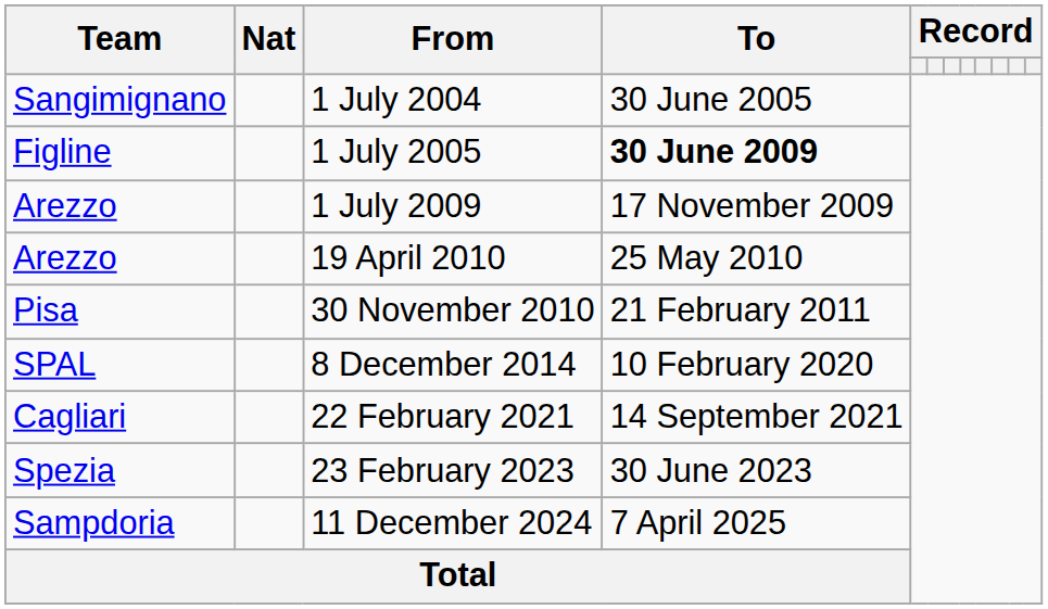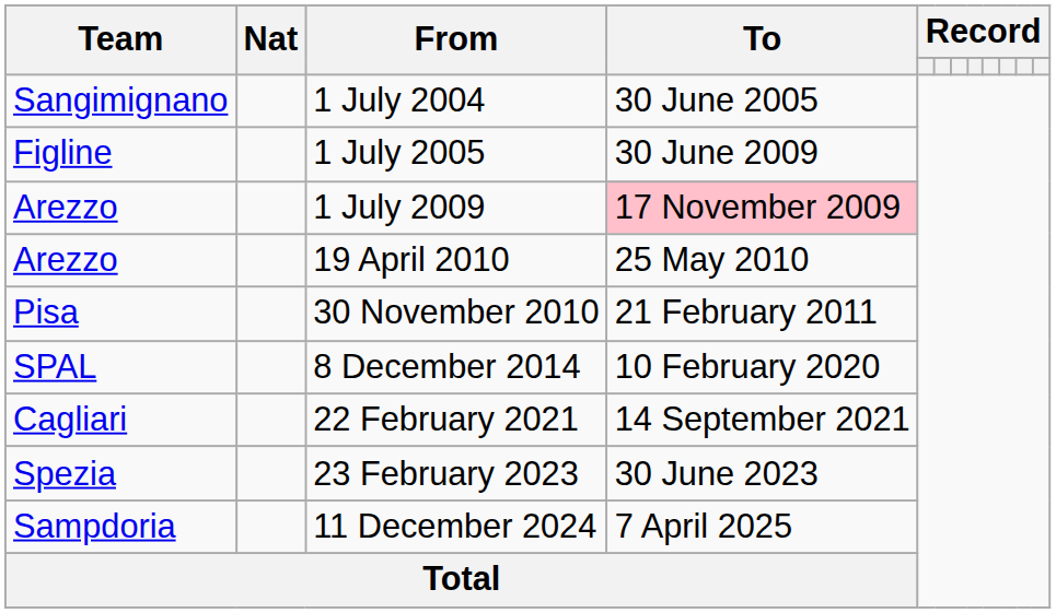 <table class="wikitable" style="text-align: center">
 <tr>
 <th rowspan="2">Team</th>
 <th rowspan="2">Nat</th>
 <th rowspan="2">From</th>
 <th rowspan="2">To</th>
 <th colspan="8">Record</th>
 </tr>
 <tr>
 <th></th>
 <th></th>
 <th></th>
 <th></th>
 <th></th>
 <th></th>
 <th></th>
 <th></th>
 </tr>
 <tr>
 <td align=left><a href='#'>Sangimignano</a></td>
 <td></td>
 <td align=left>1 July 2004</td>
 <td align=left>30 June 2005<br></td>
 </tr>
 <tr>
 <td align=left><a href='#'>Figline</a></td>
 <td></td>
 <td align=left>1 July 2005</td>
-<td align=left><strong>30 June 2009<br></strong></td>
+<td align=left>30 June 2009<br></td>
 </tr>
 <tr>
 <td align=left><a href='#'>Arezzo</a></td>
 <td></td>
 <td align=left>1 July 2009</td>
-<td align=left>17 November 2009<br></td>
+<td align=left style="background: pink;">17 November 2009<br></td>
 </tr>
 <tr>
 <td align=left><a href='#'>Arezzo</a></td>
 <td></td>
 <td align=left>19 April 2010</td>
 <td align=left>25 May 2010<br></td>
 </tr>
 <tr>
 <td align=left><a href='#'>Pisa</a></td>
 <td></td>
 <td align=left>30 November 2010</td>
 <td align=left>21 February 2011<br></td>
 </tr>
 <tr>
 <td align=left><a href='#'>SPAL</a></td>
 <td></td>
 <td align=left>8 December 2014</td>
 <td align=left>10 February 2020<br></td>
 </tr>
 <tr>
 <td align=left><a href='#'>Cagliari</a></td>
 <td></td>
 <td align=left>22 February 2021</td>
 <td align=left>14 September 2021<br></td>
 </tr>
 <tr>
 <td align=left><a href='#'>Spezia</a></td>
 <td></td>
 <td align=left>23 February 2023</td>
 <td align=left>30 June 2023<br></td>
 </tr>
 <tr>
 <td align=left><a href='#'>Sampdoria</a></td>
 <td></td>
 <td align=left>11 December 2024</td>
 <td align=left>7 April 2025<br></td>
 </tr>
 <tr>
 <th colspan="4">Total<br></th>
 </tr>
 </table>
